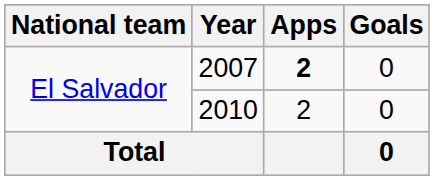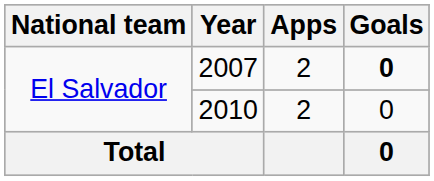 <table class="wikitable" style="text-align: center;">
 <tr>
 <th>National team</th>
 <th>Year</th>
 <th>Apps</th>
 <th>Goals</th>
 </tr>
 <tr>
 <td rowspan="2" valign="center"><a href='#'>El Salvador</a></td>
 <td>2007</td>
-<td><strong>2</strong></td>
-<td>0</td>
+<td>2</td>
+<td><strong>0</strong></td>
 </tr>
 <tr>
 <td>2010</td>
 <td>2</td>
 <td>0</td>
 </tr>
 <tr>
 <th colspan="2">Total</th>
 <th></th>
 <th>0</th>
 </tr>
 </table>
